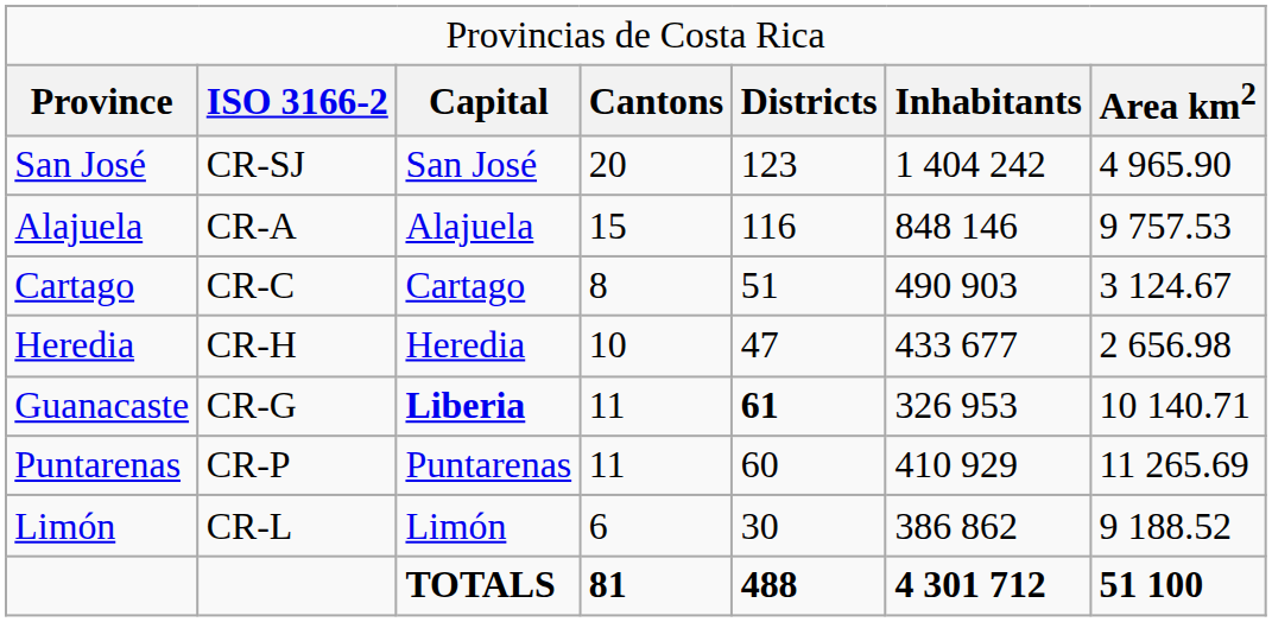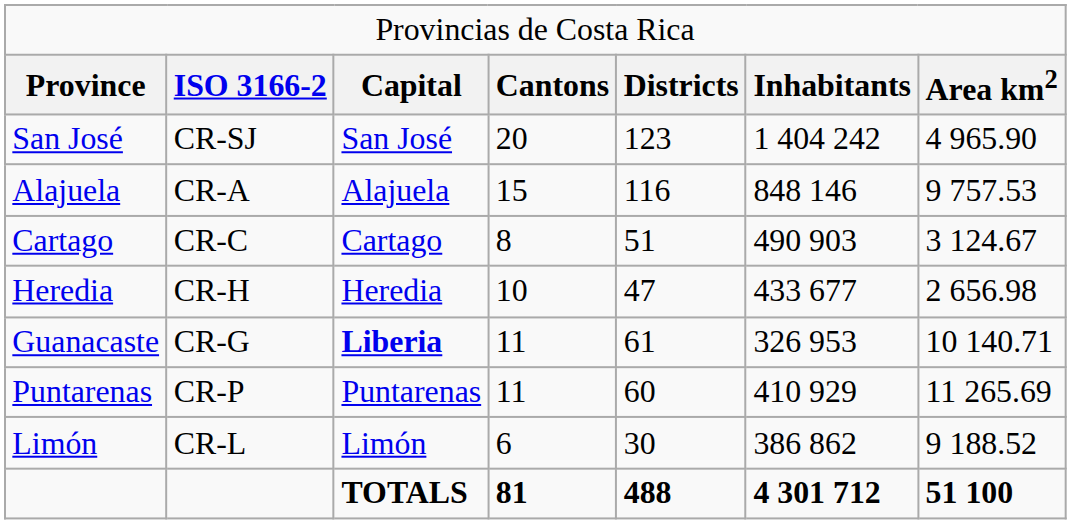 <table class="wikitable"  width:100%;">
 <tr>
 <td colspan="7" style="text-align:center;">Provincias de Costa Rica</td>
 </tr>
 <tr>
 <th>Province</th>
 <th><a href='#'>ISO 3166-2</a></th>
 <th>Capital</th>
 <th>Cantons</th>
 <th>Districts</th>
 <th>Inhabitants</th>
 <th>Area km<sup>2</sup></th>
 </tr>
 <tr>
 <td><a href='#'>San José</a></td>
 <td>CR-SJ</td>
 <td><a href='#'>San José</a></td>
 <td>20</td>
 <td>123</td>
 <td>1 404 242</td>
 <td>4 965.90</td>
 </tr>
 <tr>
 <td><a href='#'>Alajuela</a></td>
 <td>CR-A</td>
 <td><a href='#'>Alajuela</a></td>
 <td>15</td>
 <td>116</td>
 <td>848 146</td>
 <td>9 757.53</td>
 </tr>
 <tr>
 <td><a href='#'>Cartago</a></td>
 <td>CR-C</td>
 <td><a href='#'>Cartago</a></td>
 <td>8</td>
 <td>51</td>
 <td>490 903</td>
 <td>3 124.67</td>
 </tr>
 <tr>
 <td><a href='#'>Heredia</a></td>
 <td>CR-H</td>
 <td><a href='#'>Heredia</a></td>
 <td>10</td>
 <td>47</td>
 <td>433 677</td>
 <td>2 656.98</td>
 </tr>
 <tr>
 <td><a href='#'>Guanacaste</a></td>
 <td>CR-G</td>
 <td><strong><a href='#'>Liberia</a></strong></td>
 <td>11</td>
-<td><strong>61</strong></td>
+<td>61</td>
 <td>326 953</td>
 <td>10 140.71</td>
 </tr>
 <tr>
 <td><a href='#'>Puntarenas</a></td>
 <td>CR-P</td>
 <td><a href='#'>Puntarenas</a></td>
 <td>11</td>
 <td>60</td>
 <td>410 929</td>
 <td>11 265.69</td>
 </tr>
 <tr>
 <td><a href='#'>Limón</a></td>
 <td>CR-L</td>
 <td><a href='#'>Limón</a></td>
 <td>6</td>
 <td>30</td>
 <td>386 862</td>
 <td>9 188.52</td>
 </tr>
 <tr>
 <td></td>
 <td></td>
 <td><strong>TOTALS</strong></td>
 <td><strong>81</strong></td>
 <td><strong>488</strong></td>
 <td><strong>4 301 712</strong></td>
 <td><strong>51 100</strong></td>
 </tr>
 </table>
